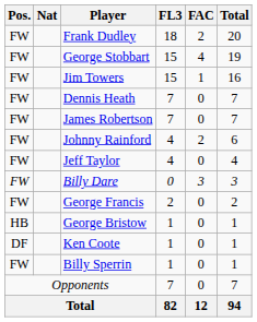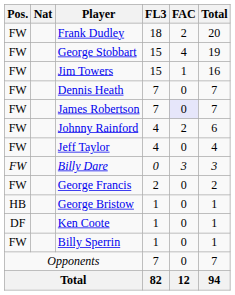 <table class="wikitable"  style="text-align:center; border:1px #aaa solid;">
 <tr>
 <th>Pos.</th>
 <th>Nat</th>
 <th>Player</th>
 <th>FL3</th>
 <th>FAC</th>
 <th>Total</th>
 </tr>
 <tr>
 <td>FW</td>
 <td></td>
 <td style="text-align:left;"><a href='#'>Frank Dudley</a></td>
 <td>18</td>
 <td>2</td>
 <td>20</td>
 </tr>
 <tr>
 <td>FW</td>
 <td></td>
 <td style="text-align:left;"><a href='#'>George Stobbart</a></td>
 <td>15</td>
 <td>4</td>
 <td>19</td>
 </tr>
 <tr>
 <td>FW</td>
 <td></td>
 <td style="text-align:left;"><a href='#'>Jim Towers</a></td>
 <td>15</td>
 <td>1</td>
 <td>16</td>
 </tr>
 <tr>
 <td>FW</td>
 <td></td>
 <td style="text-align:left;"><a href='#'>Dennis Heath</a></td>
 <td>7</td>
 <td>0</td>
 <td>7</td>
 </tr>
 <tr>
 <td>FW</td>
 <td></td>
 <td style="text-align:left;"><a href='#'>James Robertson</a></td>
 <td>7</td>
-<td>0</td>
+<td style="background: lavender;">0</td>
 <td>7</td>
 </tr>
 <tr>
 <td>FW</td>
 <td></td>
 <td style="text-align:left;"><a href='#'>Johnny Rainford</a></td>
 <td>4</td>
 <td>2</td>
 <td>6</td>
 </tr>
 <tr>
 <td>FW</td>
 <td></td>
 <td style="text-align:left;"><a href='#'>Jeff Taylor</a></td>
 <td>4</td>
 <td>0</td>
 <td>4</td>
 </tr>
 <tr>
 <td><em>FW</em></td>
 <td><em></em></td>
 <td style="text-align:left;"><em><a href='#'>Billy Dare</a></em></td>
 <td><em>0</em></td>
 <td><em>3</em></td>
 <td><em>3</em></td>
 </tr>
 <tr>
 <td>FW</td>
 <td></td>
 <td style="text-align:left;"><a href='#'>George Francis</a></td>
 <td>2</td>
 <td>0</td>
 <td>2</td>
 </tr>
 <tr>
 <td>HB</td>
 <td></td>
 <td style="text-align:left;"><a href='#'>George Bristow</a></td>
 <td>1</td>
 <td>0</td>
 <td>1</td>
 </tr>
 <tr>
 <td>DF</td>
 <td></td>
 <td style="text-align:left;"><a href='#'>Ken Coote</a></td>
 <td>1</td>
 <td>0</td>
 <td>1</td>
 </tr>
 <tr>
 <td>FW</td>
 <td></td>
 <td style="text-align:left;"><a href='#'>Billy Sperrin</a></td>
 <td>1</td>
 <td>0</td>
 <td>1</td>
 </tr>
 <tr>
 <td colspan="3"><em>Opponents</em></td>
 <td>7</td>
 <td>0</td>
 <td>7</td>
 </tr>
 <tr>
 <th colspan="3">Total</th>
 <th>82</th>
 <th>12</th>
 <th>94</th>
 </tr>
 </table>
